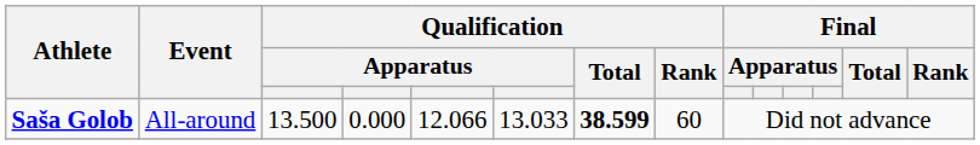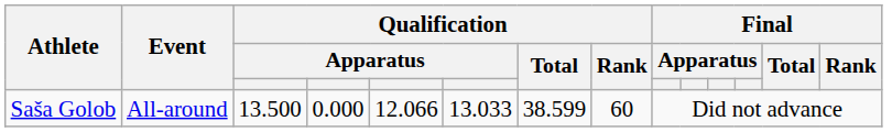 <table class="wikitable" style="font-size:90%">
 <tr>
 <th rowspan=3>Athlete</th>
 <th rowspan=3>Event</th>
 <th colspan =6>Qualification</th>
 <th colspan =6>Final</th>
 </tr>
 <tr style="font-size:95%">
 <th colspan=4>Apparatus</th>
 <th rowspan=2>Total</th>
 <th rowspan=2>Rank</th>
 <th colspan=4>Apparatus</th>
 <th rowspan=2>Total</th>
 <th rowspan=2>Rank</th>
 </tr>
 <tr style="font-size:95%">
 <th></th>
 <th></th>
 <th></th>
 <th></th>
 <th></th>
 <th></th>
 <th></th>
 <th></th>
 </tr>
 <tr align=center>
-<td align=left><strong><a href='#'>Saša Golob</a></strong></td>
+<td align=left><a href='#'>Saša Golob</a></td>
 <td align=left><a href='#'>All-around</a></td>
 <td>13.500</td>
 <td>0.000</td>
 <td>12.066</td>
 <td>13.033</td>
-<td><strong>38.599</strong></td>
+<td>38.599</td>
 <td>60</td>
 <td colspan=6>Did not advance</td>
 </tr>
 </table>
